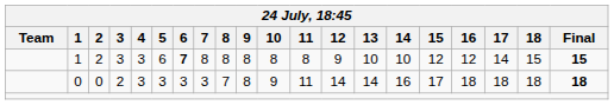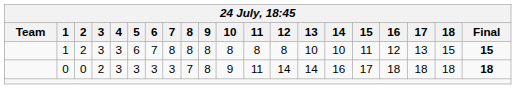 <table class=wikitable style="text-align:center; width: 55%">
 <tr>
 <th colspan=20><em>24 July, 18:45</em></th>
 </tr>
 <tr>
 <th>Team</th>
 <th>1</th>
 <th>2</th>
 <th>3</th>
 <th>4</th>
 <th>5</th>
 <th>6</th>
 <th>7</th>
 <th>8</th>
 <th>9</th>
 <th>10</th>
 <th>11</th>
 <th>12</th>
 <th>13</th>
 <th>14</th>
 <th>15</th>
 <th>16</th>
 <th>17</th>
 <th>18</th>
 <th>Final</th>
 </tr>
 <tr>
 <td align=left></td>
 <td>1</td>
 <td>2</td>
 <td>3</td>
 <td>3</td>
 <td>6</td>
-<td><strong>7</strong></td>
+<td>7</td>
 <td>8</td>
 <td>8</td>
 <td>8</td>
 <td>8</td>
 <td>8</td>
-<td>9</td>
+<td>8</td>
 <td>10</td>
 <td>10</td>
+<td>11</td>
 <td>12</td>
-<td>12</td>
-<td>14</td>
+<td>13</td>
 <td>15</td>
 <td><strong>15</strong></td>
 </tr>
 <tr>
 <td align=left><strong></strong></td>
 <td>0</td>
 <td>0</td>
 <td>2</td>
 <td>3</td>
 <td>3</td>
 <td>3</td>
 <td>3</td>
 <td>7</td>
 <td>8</td>
 <td>9</td>
 <td>11</td>
 <td>14</td>
 <td>14</td>
 <td>16</td>
 <td>17</td>
 <td>18</td>
 <td>18</td>
 <td>18</td>
 <td><strong>18</strong></td>
 </tr>
 <tr>
 <td colspan=20></td>
 </tr>
 </table>
